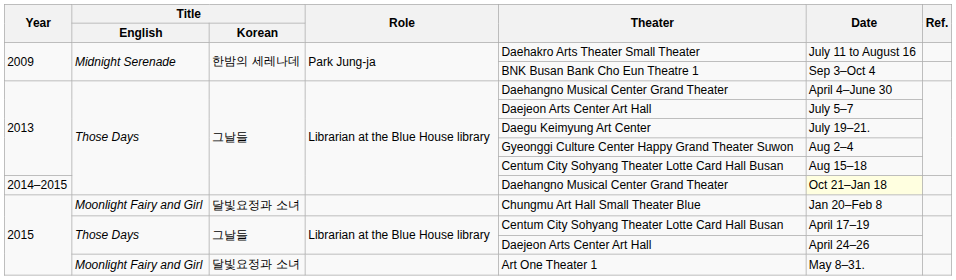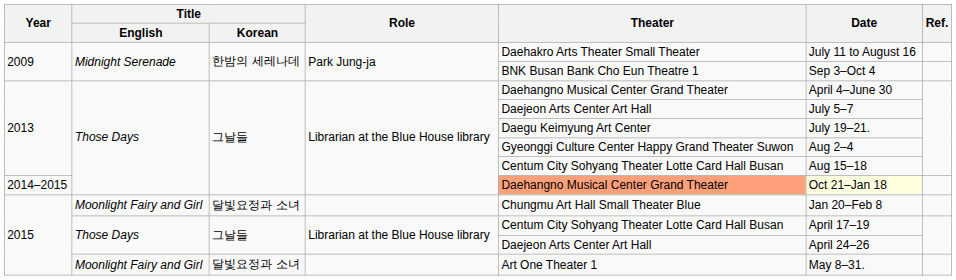 <table class="wikitable sortable" style="clear:none; font-size:100%; padding:0 auto; width:100%; margin:auto">
 <tr>
 <th scope="col" rowspan="2">Year</th>
 <th scope="col" colspan="2">Title</th>
 <th scope="col" rowspan="2">Role</th>
 <th scope="col" rowspan="2">Theater</th>
 <th scope="col" rowspan="2">Date</th>
 <th rowspan="2">Ref.</th>
 </tr>
 <tr>
 <th>English</th>
 <th>Korean</th>
 </tr>
 <tr>
 <td rowspan="2">2009</td>
 <td rowspan="2"><em>Midnight Serenade</em></td>
 <td rowspan="2">한밤의 세레나데</td>
 <td rowspan="2">Park Jung-ja</td>
 <td>Daehakro Arts Theater Small Theater</td>
 <td>July 11 to August 16</td>
 <td></td>
 </tr>
 <tr>
 <td>BNK Busan Bank Cho Eun Theatre 1</td>
 <td>Sep 3–Oct 4</td>
 <td></td>
 </tr>
 <tr>
 <td rowspan="5">2013</td>
 <td rowspan="6"><em>Those Days</em></td>
 <td rowspan="6">그날들</td>
 <td rowspan="6">Librarian at the Blue House library</td>
 <td>Daehangno Musical Center Grand Theater</td>
 <td>April 4–June 30</td>
 <td rowspan="5"></td>
 </tr>
 <tr>
 <td>Daejeon Arts Center Art Hall</td>
 <td>July 5–7</td>
 </tr>
 <tr>
 <td>Daegu Keimyung Art Center</td>
 <td>July 19–21.</td>
 </tr>
 <tr>
 <td>Gyeonggi Culture Center Happy Grand Theater Suwon</td>
 <td>Aug 2–4</td>
 </tr>
 <tr>
 <td>Centum City Sohyang Theater Lotte Card Hall Busan</td>
 <td>Aug 15–18</td>
 </tr>
 <tr>
 <td>2014–2015</td>
-<td>Daehangno Musical Center Grand Theater</td>
+<td style="background: lightsalmon;">Daehangno Musical Center Grand Theater</td>
 <td style="background: lightyellow;">Oct 21–Jan 18</td>
 <td></td>
 </tr>
 <tr>
 <td rowspan="4">2015</td>
 <td><em>Moonlight Fairy and Girl</em></td>
 <td>달빛요정과 소녀</td>
 <td></td>
 <td>Chungmu Art Hall Small Theater Blue</td>
 <td>Jan 20–Feb 8</td>
 <td></td>
 </tr>
 <tr>
 <td rowspan="2"><em>Those Days</em></td>
 <td rowspan="2">그날들</td>
 <td rowspan="2">Librarian at the Blue House library</td>
 <td>Centum City Sohyang Theater Lotte Card Hall Busan</td>
 <td>April 17–19</td>
 <td rowspan="2"></td>
 </tr>
 <tr>
 <td>Daejeon Arts Center Art Hall</td>
 <td>April 24–26</td>
 </tr>
 <tr>
 <td><em>Moonlight Fairy and Girl</em></td>
 <td>달빛요정과 소녀</td>
 <td></td>
 <td>Art One Theater 1</td>
 <td>May 8–31.</td>
 <td></td>
 </tr>
 </table>
